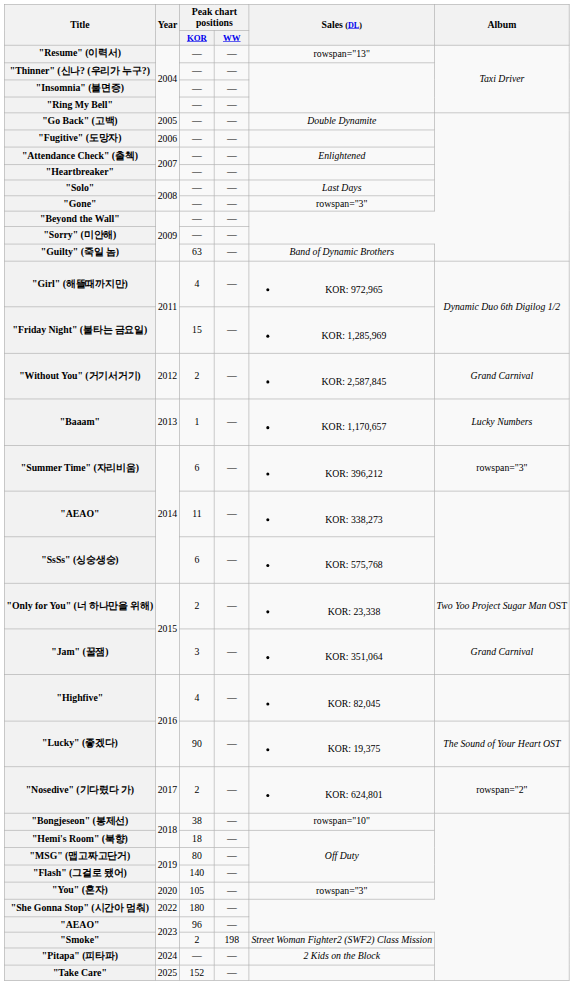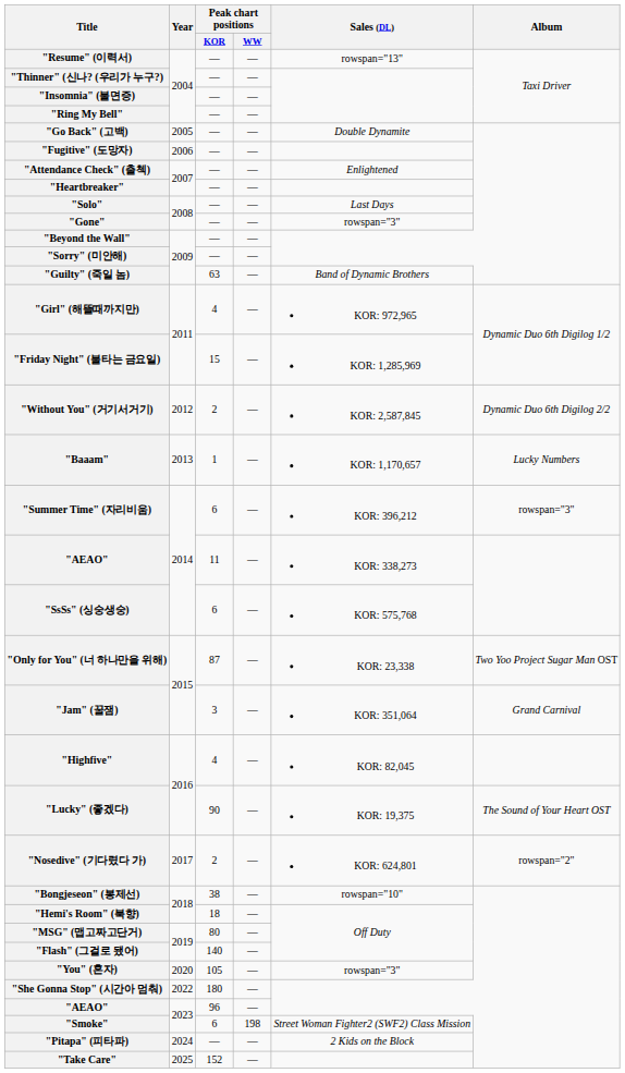 <table class="wikitable plainrowheaders" style="text-align:center;">
 <tr>
 <th scope="col" rowspan="2">Title</th>
 <th scope="col" rowspan="2">Year</th>
 <th scope="col" colspan="2">Peak chart positions</th>
 <th scope="col" rowspan="2">Sales <small>(<a href='#'>DL</a>)</small></th>
 <th scope="col" rowspan="2">Album</th>
 </tr>
 <tr>
 <th scope="col" style="width:3.5em;font-size:90%;"><a href='#'>KOR</a><br></th>
 <th scope="col" style="width:3.5em;font-size:90%;"><a href='#'>WW</a><br></th>
 </tr>
 <tr>
 <th scope="row">"Resume" (이력서)<br></th>
 <td rowspan="4">2004</td>
 <td>—</td>
 <td>—</td>
 <td>rowspan="13" </td>
 <td rowspan="4"><em>Taxi Driver</em></td>
 </tr>
 <tr>
 <th scope="row">"Thinner" (신나? (우리가 누구?)</th>
 <td>—</td>
 <td>—</td>
 </tr>
 <tr>
 <th scope="row">"Insomnia" (불면증)<br></th>
 <td>—</td>
 <td>—</td>
 </tr>
 <tr>
 <th scope="row">"Ring My Bell"<br></th>
 <td>—</td>
 <td>—</td>
 </tr>
 <tr>
 <th scope="row">"Go Back" (고백)<br></th>
 <td>2005</td>
 <td>—</td>
 <td>—</td>
 <td><em>Double Dynamite</em></td>
 </tr>
 <tr>
 <th scope="row">"Fugitive" (도망자)</th>
 <td>2006</td>
 <td>—</td>
 <td>—</td>
 <td></td>
 </tr>
 <tr>
 <th scope="row">"Attendance Check" (출첵)<br></th>
 <td rowspan="2">2007</td>
 <td>—</td>
 <td>—</td>
 <td><em>Enlightened</em></td>
 </tr>
 <tr>
 <th scope="row">"Heartbreaker"<br></th>
 <td>—</td>
 <td>—</td>
 <td></td>
 </tr>
 <tr>
 <th scope="row">"Solo"<br></th>
 <td rowspan="2">2008</td>
 <td>—</td>
 <td>—</td>
 <td><em>Last Days</em></td>
 </tr>
 <tr>
 <th scope="row">"Gone"<br></th>
 <td>—</td>
 <td>—</td>
 <td>rowspan="3" </td>
 </tr>
 <tr>
 <th scope="row">"Beyond the Wall"<br></th>
 <td rowspan="3">2009</td>
 <td>—</td>
 <td>—</td>
 </tr>
 <tr>
 <th scope="row">"Sorry" (미안해)</th>
 <td>—</td>
 <td>—</td>
 </tr>
 <tr>
 <th scope="row">"Guilty" (죽일 놈)</th>
 <td>63</td>
 <td>—</td>
 <td><em>Band of Dynamic Brothers</em></td>
 </tr>
 <tr>
 <th scope="row">"Girl" (해뜰때까지만)</th>
 <td rowspan="2">2011</td>
 <td>4</td>
 <td>—</td>
 <td><br><ul><li>KOR: 972,965</li></ul></td>
 <td rowspan="2"><em>Dynamic Duo 6th Digilog 1/2</em></td>
 </tr>
 <tr>
 <th scope="row">"Friday Night" (불타는 금요일)</th>
 <td>15</td>
 <td>—</td>
 <td><br><ul><li>KOR: 1,285,969</li></ul></td>
 </tr>
 <tr>
 <th scope="row">"Without You" (거기서거기)</th>
 <td>2012</td>
 <td>2</td>
 <td>—</td>
 <td><br><ul><li>KOR: 2,587,845</li></ul></td>
-<td><em>Grand Carnival</em></td>
+<td><em>Dynamic Duo 6th Digilog 2/2</em></td>
 </tr>
 <tr>
 <th scope="row">"Baaam"<br></th>
 <td>2013</td>
 <td>1</td>
 <td>—</td>
 <td><br><ul><li>KOR: 1,170,657</li></ul></td>
 <td><em>Lucky Numbers</em></td>
 </tr>
 <tr>
 <th scope="row">"Summer Time" (자리비움)</th>
 <td rowspan="3">2014</td>
 <td>6</td>
 <td>—</td>
 <td><br><ul><li>KOR: 396,212</li></ul></td>
 <td>rowspan="3" </td>
 </tr>
 <tr>
 <th scope="row">"AEAO"<br></th>
 <td>11</td>
 <td>—</td>
 <td><br><ul><li>KOR: 338,273</li></ul></td>
 </tr>
 <tr>
 <th scope="row">"SsSs" (싱숭생숭)<br></th>
 <td>6</td>
 <td>—</td>
 <td><br><ul><li>KOR: 575,768</li></ul></td>
 </tr>
 <tr>
 <th scope="row">"Only for You" (너 하나만을 위해)</th>
 <td rowspan="2">2015</td>
-<td>2</td>
+<td>87</td>
 <td>—</td>
 <td><br><ul><li>KOR: 23,338</li></ul></td>
 <td><em>Two Yoo Project Sugar Man</em> OST</td>
 </tr>
 <tr>
 <th scope="row">"Jam" (꿀잼)</th>
 <td>3</td>
 <td>—</td>
 <td><br><ul><li>KOR: 351,064</li></ul></td>
 <td><em>Grand Carnival</em></td>
 </tr>
 <tr>
 <th scope="row">"Highfive"<br></th>
 <td rowspan="2">2016</td>
 <td>4</td>
 <td>—</td>
 <td><br><ul><li>KOR: 82,045</li></ul></td>
 <td></td>
 </tr>
 <tr>
 <th scope="row">"Lucky" (좋겠다)</th>
 <td>90</td>
 <td>—</td>
 <td><br><ul><li>KOR: 19,375</li></ul></td>
 <td><em>The Sound of Your Heart OST</em></td>
 </tr>
 <tr>
 <th scope="row">"Nosedive" (기다렸다 가)<br></th>
 <td>2017</td>
 <td>2</td>
 <td>—</td>
 <td><br><ul><li>KOR: 624,801</li></ul></td>
 <td>rowspan="2" </td>
 </tr>
 <tr>
 <th scope="row">"Bongjeseon" (봉제선)<br></th>
 <td rowspan="2">2018</td>
 <td>38</td>
 <td>—</td>
 <td>rowspan="10" </td>
 </tr>
 <tr>
 <th scope="row">"Hemi's Room" (북향)<br></th>
 <td>18</td>
 <td>—</td>
 <td rowspan="3"><em>Off Duty</em></td>
 </tr>
 <tr>
 <th scope="row">"MSG" (맵고짜고단거)<br></th>
 <td rowspan="2">2019</td>
 <td>80</td>
 <td>—</td>
 </tr>
 <tr>
 <th scope="row">"Flash" (그걸로 됐어)</th>
 <td>140</td>
 <td>—</td>
 </tr>
 <tr>
 <th scope="row">"You" (혼자)<br></th>
 <td>2020</td>
 <td>105</td>
 <td>—</td>
 <td>rowspan="3" </td>
 </tr>
 <tr>
 <th scope="row">"She Gonna Stop" (시간아 멈춰)<br></th>
 <td>2022</td>
 <td>180</td>
 <td>—</td>
 </tr>
 <tr>
 <th scope="row">"AEAO"<br></th>
 <td rowspan="2">2023</td>
 <td>96</td>
 <td>—</td>
 </tr>
 <tr>
 <th scope="row">"Smoke"<br></th>
-<td>2</td>
+<td>6</td>
 <td>198</td>
 <td><em>Street Woman Fighter2 (SWF2) Class Mission</em></td>
 </tr>
 <tr>
 <th scope="row">"Pitapa" (피타파)<br></th>
 <td>2024</td>
 <td>—</td>
 <td>—</td>
 <td><em>2 Kids on the Block</em></td>
 </tr>
 <tr>
 <th scope="row">"Take Care"</th>
 <td>2025</td>
 <td>152</td>
 <td>—</td>
 <td></td>
 </tr>
 </table>
